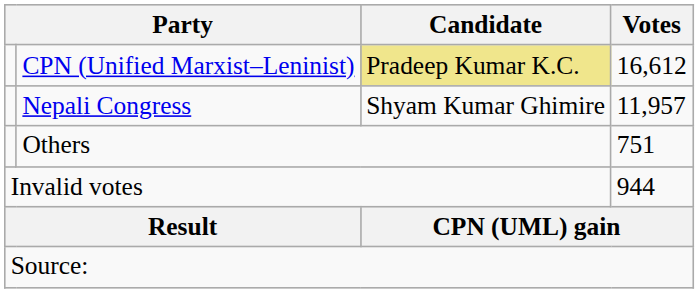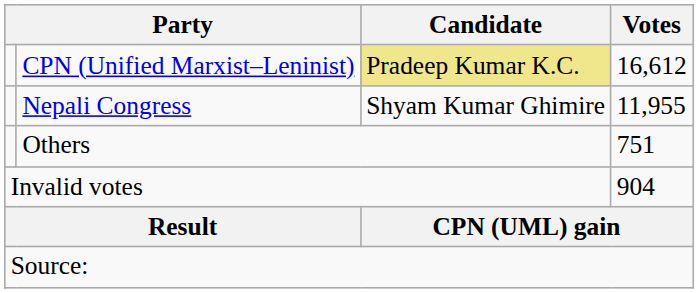 <table class="wikitable">
 <tr>
 <th colspan="2">Party</th>
 <th>Candidate</th>
 <th>Votes</th>
 </tr>
 <tr>
 <td style="background-color:"></td>
 <td><a href='#'>CPN (Unified Marxist–Leninist)</a></td>
 <td style="background: khaki;">Pradeep Kumar K.C.</td>
 <td>16,612</td>
 </tr>
 <tr>
 <td style="background-color:"></td>
 <td><a href='#'>Nepali Congress</a></td>
 <td>Shyam Kumar Ghimire</td>
-<td>11,957</td>
+<td>11,955</td>
 </tr>
 <tr>
 <td></td>
 <td colspan="2">Others</td>
 <td>751</td>
 </tr>
 <tr>
 <td colspan="3">Invalid votes</td>
-<td>944</td>
+<td>904</td>
 </tr>
 <tr>
 <th colspan="2">Result</th>
 <th colspan="2">CPN (UML) gain</th>
 </tr>
 <tr>
 <td colspan="4">Source: </td>
 </tr>
 </table>
